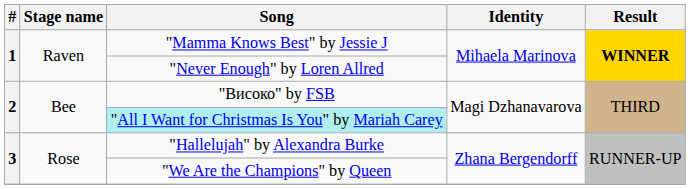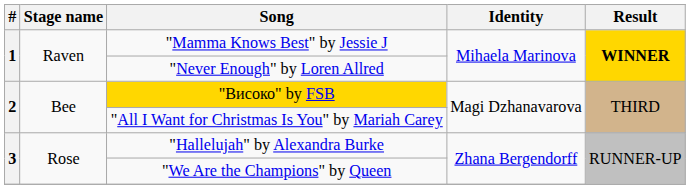 <table class="wikitable" plainrowheaders" style="text-align: center;">
 <tr>
 <th>#</th>
 <th>Stage name</th>
 <th>Song</th>
 <th>Identity</th>
 <th>Result</th>
 </tr>
 <tr>
 <th rowspan="2">1</th>
 <td rowspan="2">Raven</td>
 <td>"<a href='#'>Mamma Knows Best</a>" by <a href='#'>Jessie J</a></td>
 <td rowspan="2"><a href='#'>Mihaela Marinova</a></td>
 <td rowspan="2" bgcolor=gold><strong>WINNER</strong></td>
 </tr>
 <tr>
 <td>"<a href='#'>Never Enough</a>" by <a href='#'>Loren Allred</a></td>
 </tr>
 <tr>
 <th rowspan="2">2</th>
 <td rowspan="2">Bee</td>
-<td>"Високо" by <a href='#'>FSB</a></td>
+<td style="background: gold;">"Високо" by <a href='#'>FSB</a></td>
 <td rowspan="2">Magi Dzhanavarova</td>
 <td rowspan="2" bgcolor=tan>THIRD</td>
 </tr>
 <tr>
-<td style="background: paleturquoise;">"<a href='#'>All I Want for Christmas Is You</a>" by <a href='#'>Mariah Carey</a></td>
+<td>"<a href='#'>All I Want for Christmas Is You</a>" by <a href='#'>Mariah Carey</a></td>
 </tr>
 <tr>
 <th rowspan="2">3</th>
 <td rowspan="2">Rose</td>
 <td>"<a href='#'>Hallelujah</a>" by <a href='#'>Alexandra Burke</a></td>
 <td rowspan="2"><a href='#'>Zhana Bergendorff</a></td>
 <td rowspan="2" bgcolor=silver>RUNNER-UP</td>
 </tr>
 <tr>
 <td>"<a href='#'>We Are the Champions</a>" by <a href='#'>Queen</a></td>
 </tr>
 <tr>
 </tr>
 </table>
